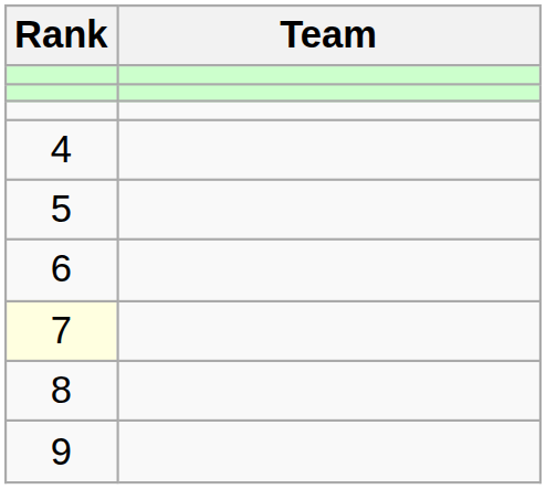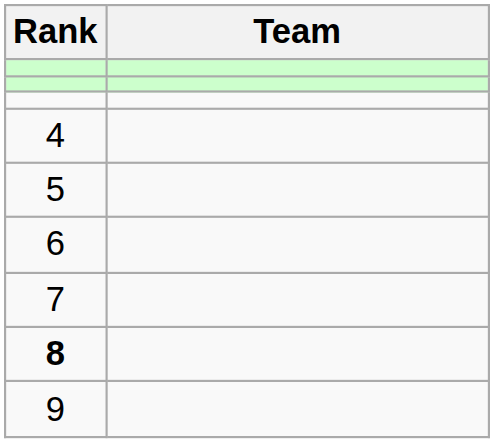 <table class="wikitable">
 <tr>
 <th>Rank</th>
 <th width=170>Team</th>
 </tr>
 <tr bgcolor=ccffcc>
 <td align=center></td>
 <td></td>
 </tr>
 <tr bgcolor=ccffcc>
 <td align=center></td>
 <td></td>
 </tr>
 <tr>
 <td align=center></td>
 <td></td>
 </tr>
 <tr>
 <td align=center>4</td>
 <td></td>
 </tr>
 <tr>
 <td align=center>5</td>
 <td></td>
 </tr>
 <tr>
 <td align=center>6</td>
 <td></td>
 </tr>
 <tr>
-<td align=center style="background: lightyellow;">7</td>
+<td align=center>7</td>
 <td></td>
 </tr>
 <tr>
-<td align=center>8</td>
+<td align=center><strong>8</strong></td>
 <td></td>
 </tr>
 <tr>
 <td align=center>9</td>
 <td></td>
 </tr>
 </table>
